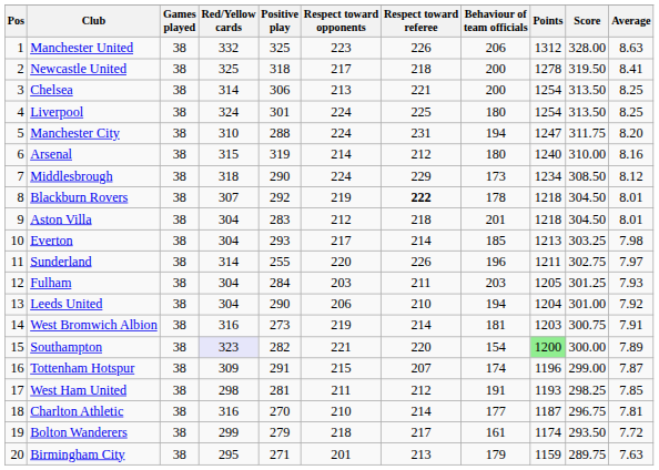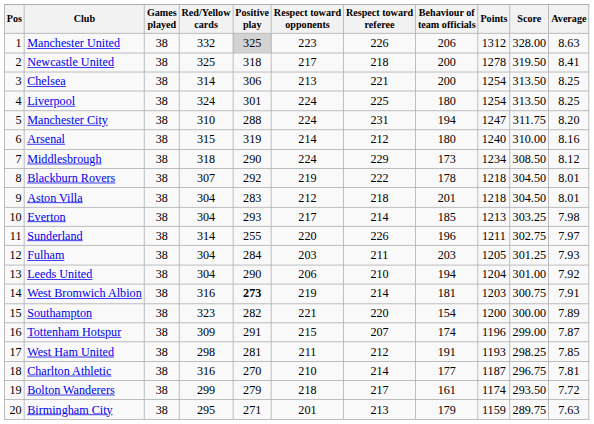 <table class="wikitable sortable">
 <tr>
 </tr>
 <tr style="font-size:10pt;font-weight:bold">
 <th>Pos</th>
 <th>Club</th>
 <th>Games<br>played</th>
 <th>Red/Yellow<br>cards</th>
 <th>Positive<br>play</th>
 <th>Respect toward<br>opponents</th>
 <th>Respect toward<br>referee</th>
 <th>Behaviour of<br>team officials</th>
 <th>Points</th>
 <th>Score</th>
 <th>Average</th>
 </tr>
 <tr>
 <td align=right>1</td>
 <td align=left><a href='#'>Manchester United</a></td>
 <td align=center>38</td>
 <td align=center>332</td>
-<td align=center>325</td>
+<td align=center style="background: lightgrey;">325</td>
 <td align=center>223</td>
 <td align=center>226</td>
 <td align=center>206</td>
 <td align=center>1312</td>
 <td align=center>328.00</td>
 <td align=center>8.63</td>
 </tr>
 <tr>
 <td align=right>2</td>
 <td align=left><a href='#'>Newcastle United</a></td>
 <td align=center>38</td>
 <td align=center>325</td>
 <td align=center>318</td>
 <td align=center>217</td>
 <td align=center>218</td>
 <td align=center>200</td>
 <td align=center>1278</td>
 <td align=center>319.50</td>
 <td align=center>8.41</td>
 </tr>
 <tr>
 <td align=right>3</td>
 <td align=left><a href='#'>Chelsea</a></td>
 <td align=center>38</td>
 <td align=center>314</td>
 <td align=center>306</td>
 <td align=center>213</td>
 <td align=center>221</td>
 <td align=center>200</td>
 <td align=center>1254</td>
 <td align=center>313.50</td>
 <td align=center>8.25</td>
 </tr>
 <tr>
 <td align=right>4</td>
 <td align=left><a href='#'>Liverpool</a></td>
 <td align=center>38</td>
 <td align=center>324</td>
 <td align=center>301</td>
 <td align=center>224</td>
 <td align=center>225</td>
 <td align=center>180</td>
 <td align=center>1254</td>
 <td align=center>313.50</td>
 <td align=center>8.25</td>
 </tr>
 <tr>
 <td align=right>5</td>
 <td align=left><a href='#'>Manchester City</a></td>
 <td align=center>38</td>
 <td align=center>310</td>
 <td align=center>288</td>
 <td align=center>224</td>
 <td align=center>231</td>
 <td align=center>194</td>
 <td align=center>1247</td>
 <td align=center>311.75</td>
 <td align=center>8.20</td>
 </tr>
 <tr>
 <td align=right>6</td>
 <td align=left><a href='#'>Arsenal</a></td>
 <td align=center>38</td>
 <td align=center>315</td>
 <td align=center>319</td>
 <td align=center>214</td>
 <td align=center>212</td>
 <td align=center>180</td>
 <td align=center>1240</td>
 <td align=center>310.00</td>
 <td align=center>8.16</td>
 </tr>
 <tr>
 <td align=right>7</td>
 <td align=left><a href='#'>Middlesbrough</a></td>
 <td align=center>38</td>
 <td align=center>318</td>
 <td align=center>290</td>
 <td align=center>224</td>
 <td align=center>229</td>
 <td align=center>173</td>
 <td align=center>1234</td>
 <td align=center>308.50</td>
 <td align=center>8.12</td>
 </tr>
 <tr>
 <td align=right>8</td>
 <td align=left><a href='#'>Blackburn Rovers</a></td>
 <td align=center>38</td>
 <td align=center>307</td>
 <td align=center>292</td>
 <td align=center>219</td>
-<td align=center><strong>222</strong></td>
+<td align=center>222</td>
 <td align=center>178</td>
 <td align=center>1218</td>
 <td align=center>304.50</td>
 <td align=center>8.01</td>
 </tr>
 <tr>
 <td align=right>9</td>
 <td align=left><a href='#'>Aston Villa</a></td>
 <td align=center>38</td>
 <td align=center>304</td>
 <td align=center>283</td>
 <td align=center>212</td>
 <td align=center>218</td>
 <td align=center>201</td>
 <td align=center>1218</td>
 <td align=center>304.50</td>
 <td align=center>8.01</td>
 </tr>
 <tr>
 <td align=right>10</td>
 <td align=left><a href='#'>Everton</a></td>
 <td align=center>38</td>
 <td align=center>304</td>
 <td align=center>293</td>
 <td align=center>217</td>
 <td align=center>214</td>
 <td align=center>185</td>
 <td align=center>1213</td>
 <td align=center>303.25</td>
 <td align=center>7.98</td>
 </tr>
 <tr>
 <td align=right>11</td>
 <td align=left><a href='#'>Sunderland</a></td>
 <td align=center>38</td>
 <td align=center>314</td>
 <td align=center>255</td>
 <td align=center>220</td>
 <td align=center>226</td>
 <td align=center>196</td>
 <td align=center>1211</td>
 <td align=center>302.75</td>
 <td align=center>7.97</td>
 </tr>
 <tr>
 <td align=right>12</td>
 <td align=left><a href='#'>Fulham</a></td>
 <td align=center>38</td>
 <td align=center>304</td>
 <td align=center>284</td>
 <td align=center>203</td>
 <td align=center>211</td>
 <td align=center>203</td>
 <td align=center>1205</td>
 <td align=center>301.25</td>
 <td align=center>7.93</td>
 </tr>
 <tr>
 <td align=right>13</td>
 <td align=left><a href='#'>Leeds United</a></td>
 <td align=center>38</td>
 <td align=center>304</td>
 <td align=center>290</td>
 <td align=center>206</td>
 <td align=center>210</td>
 <td align=center>194</td>
 <td align=center>1204</td>
 <td align=center>301.00</td>
 <td align=center>7.92</td>
 </tr>
 <tr>
 <td align=right>14</td>
 <td align=left><a href='#'>West Bromwich Albion</a></td>
 <td align=center>38</td>
 <td align=center>316</td>
-<td align=center>273</td>
+<td align=center><strong>273</strong></td>
 <td align=center>219</td>
 <td align=center>214</td>
 <td align=center>181</td>
 <td align=center>1203</td>
 <td align=center>300.75</td>
 <td align=center>7.91</td>
 </tr>
 <tr>
 <td align=right>15</td>
 <td align=left><a href='#'>Southampton</a></td>
 <td align=center>38</td>
-<td align=center style="background: lavender;">323</td>
+<td align=center>323</td>
 <td align=center>282</td>
 <td align=center>221</td>
 <td align=center>220</td>
 <td align=center>154</td>
-<td align=center style="background: lightgreen;">1200</td>
+<td align=center>1200</td>
 <td align=center>300.00</td>
 <td align=center>7.89</td>
 </tr>
 <tr>
 <td align=right>16</td>
 <td align=left><a href='#'>Tottenham Hotspur</a></td>
 <td align=center>38</td>
 <td align=center>309</td>
 <td align=center>291</td>
 <td align=center>215</td>
 <td align=center>207</td>
 <td align=center>174</td>
 <td align=center>1196</td>
 <td align=center>299.00</td>
 <td align=center>7.87</td>
 </tr>
 <tr>
 <td align=right>17</td>
 <td align=left><a href='#'>West Ham United</a></td>
 <td align=center>38</td>
 <td align=center>298</td>
 <td align=center>281</td>
 <td align=center>211</td>
 <td align=center>212</td>
 <td align=center>191</td>
 <td align=center>1193</td>
 <td align=center>298.25</td>
 <td align=center>7.85</td>
 </tr>
 <tr>
 <td align=right>18</td>
 <td align=left><a href='#'>Charlton Athletic</a></td>
 <td align=center>38</td>
 <td align=center>316</td>
 <td align=center>270</td>
 <td align=center>210</td>
 <td align=center>214</td>
 <td align=center>177</td>
 <td align=center>1187</td>
 <td align=center>296.75</td>
 <td align=center>7.81</td>
 </tr>
 <tr>
 <td align=right>19</td>
 <td align=left><a href='#'>Bolton Wanderers</a></td>
 <td align=center>38</td>
 <td align=center>299</td>
 <td align=center>279</td>
 <td align=center>218</td>
 <td align=center>217</td>
 <td align=center>161</td>
 <td align=center>1174</td>
 <td align=center>293.50</td>
 <td align=center>7.72</td>
 </tr>
 <tr>
 <td align=right>20</td>
 <td align=left><a href='#'>Birmingham City</a></td>
 <td align=center>38</td>
 <td align=center>295</td>
 <td align=center>271</td>
 <td align=center>201</td>
 <td align=center>213</td>
 <td align=center>179</td>
 <td align=center>1159</td>
 <td align=center>289.75</td>
 <td align=center>7.63</td>
 </tr>
 </table>
